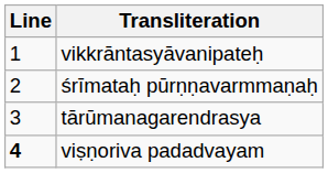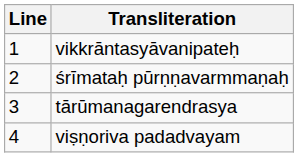 <table class="wikitable">
 <tr>
 <th>Line</th>
 <th>Transliteration</th>
 </tr>
 <tr>
 <td>1</td>
 <td>vikkrāntasyāvanipateḥ</td>
 </tr>
 <tr>
 <td>2</td>
 <td>śrīmataḥ pūrṇṇavarmmaṇaḥ</td>
 </tr>
 <tr>
 <td>3</td>
 <td>tārūmanagarendrasya</td>
 </tr>
 <tr>
-<td><strong>4</strong></td>
+<td>4</td>
 <td>viṣṇoriva padadvayam</td>
 </tr>
 </table>
